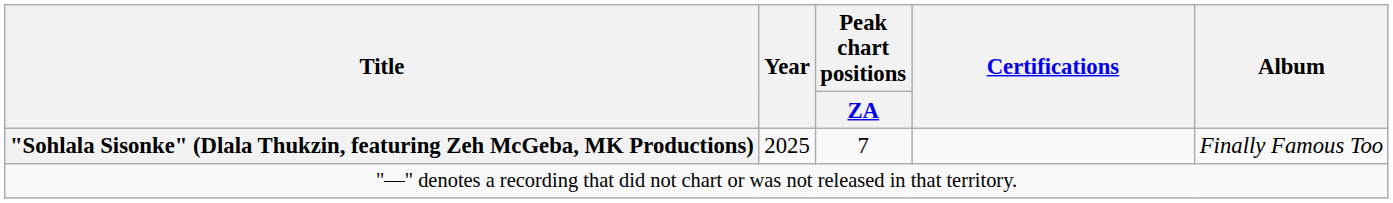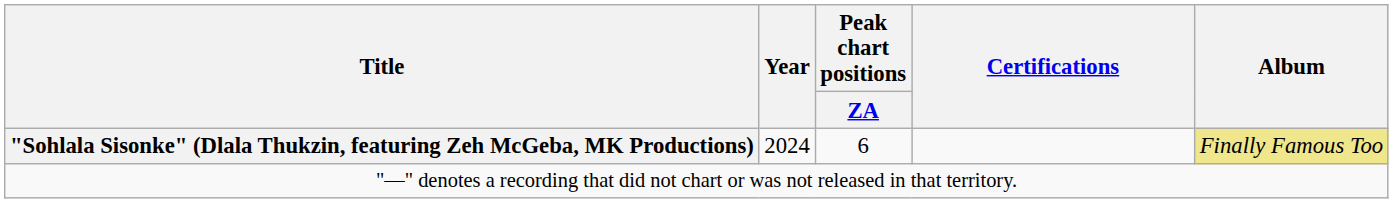 <table class="wikitable plainrowheaders" style="text-align:center;" border="1">
 <tr>
 <th scope="col" rowspan="2">Title</th>
 <th scope="col" rowspan="2">Year</th>
 <th scope="col" colspan="1">Peak chart positions</th>
 <th scope="col" rowspan="2" style="width:12em;"><a href='#'>Certifications</a></th>
 <th scope="col" rowspan="2">Album</th>
 </tr>
 <tr>
 <th scope="col" style="width:3em;font-size:100%;"><a href='#'>ZA</a><br></th>
 </tr>
 <tr>
 <th scope="row">"Sohlala Sisonke" (Dlala Thukzin, featuring Zeh McGeba, MK Productions)</th>
-<td>2025</td>
-<td>7</td>
+<td>2024</td>
+<td>6</td>
 <td></td>
-<td><em>Finally Famous Too</em></td>
+<td style="background: khaki;"><em>Finally Famous Too</em></td>
 </tr>
 <tr>
 <td colspan="8" style="font-size:90%">"—" denotes a recording that did not chart or was not released in that territory.</td>
 </tr>
 </table>
